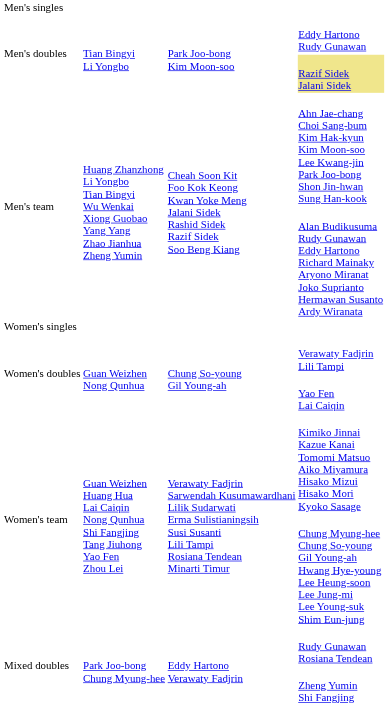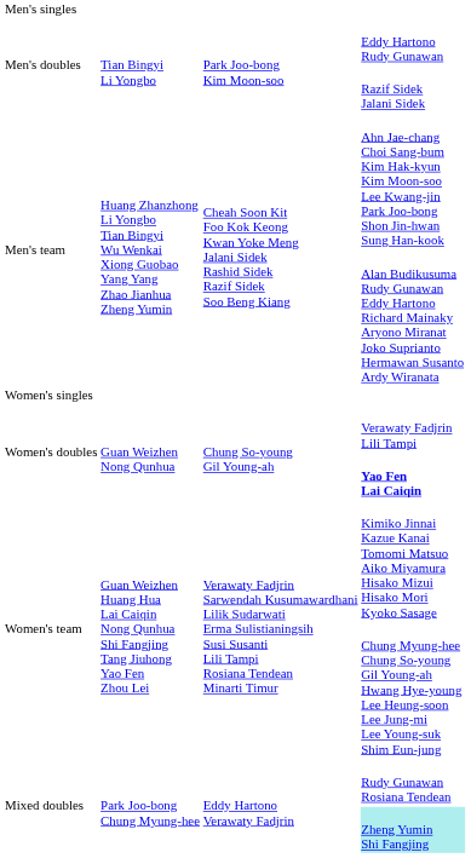 <table>
 <tr>
 <td rowspan=2>Men's singles<br></td>
 <td rowspan=2></td>
 <td rowspan=2></td>
 <td></td>
 </tr>
 <tr>
 <td></td>
 </tr>
 <tr>
 <td rowspan=2>Men's doubles<br></td>
 <td rowspan=2><br><a href='#'>Tian Bingyi</a><br><a href='#'>Li Yongbo</a></td>
 <td rowspan=2><br><a href='#'>Park Joo-bong</a><br><a href='#'>Kim Moon-soo</a></td>
 <td><br><a href='#'>Eddy Hartono</a><br><a href='#'>Rudy Gunawan</a></td>
 </tr>
 <tr>
-<td style="background: khaki;"><br><a href='#'>Razif Sidek</a><br><a href='#'>Jalani Sidek</a></td>
+<td><br><a href='#'>Razif Sidek</a><br><a href='#'>Jalani Sidek</a></td>
 </tr>
 <tr>
 <td rowspan=2>Men's team<br></td>
 <td rowspan=2><br><a href='#'>Huang Zhanzhong</a><br><a href='#'>Li Yongbo</a><br><a href='#'>Tian Bingyi</a><br><a href='#'>Wu Wenkai</a><br><a href='#'>Xiong Guobao</a><br><a href='#'>Yang Yang</a><br><a href='#'>Zhao Jianhua</a><br><a href='#'>Zheng Yumin</a></td>
 <td rowspan=2><br><a href='#'>Cheah Soon Kit</a><br><a href='#'>Foo Kok Keong</a><br><a href='#'>Kwan Yoke Meng</a><br><a href='#'>Jalani Sidek</a><br><a href='#'>Rashid Sidek</a><br><a href='#'>Razif Sidek</a><br><a href='#'>Soo Beng Kiang</a></td>
 <td><br><a href='#'>Ahn Jae-chang</a><br><a href='#'>Choi Sang-bum</a><br><a href='#'>Kim Hak-kyun</a><br><a href='#'>Kim Moon-soo</a><br><a href='#'>Lee Kwang-jin</a><br><a href='#'>Park Joo-bong</a><br><a href='#'>Shon Jin-hwan</a><br><a href='#'>Sung Han-kook</a></td>
 </tr>
 <tr>
 <td><br><a href='#'>Alan Budikusuma</a><br><a href='#'>Rudy Gunawan</a><br><a href='#'>Eddy Hartono</a><br><a href='#'>Richard Mainaky</a><br><a href='#'>Aryono Miranat</a><br><a href='#'>Joko Suprianto</a><br><a href='#'>Hermawan Susanto</a><br><a href='#'>Ardy Wiranata</a></td>
 </tr>
 <tr>
 <td rowspan=2>Women's singles<br></td>
 <td rowspan=2></td>
 <td rowspan=2></td>
 <td></td>
 </tr>
 <tr>
 <td></td>
 </tr>
 <tr>
 <td rowspan=2>Women's doubles<br></td>
 <td rowspan=2><br><a href='#'>Guan Weizhen</a><br><a href='#'>Nong Qunhua</a></td>
 <td rowspan=2><br><a href='#'>Chung So-young</a><br><a href='#'>Gil Young-ah</a></td>
 <td><br><a href='#'>Verawaty Fadjrin</a><br><a href='#'>Lili Tampi</a></td>
 </tr>
 <tr>
-<td><br><a href='#'>Yao Fen</a><br><a href='#'>Lai Caiqin</a></td>
+<td><strong><br><a href='#'>Yao Fen</a><br><a href='#'>Lai Caiqin</a></strong></td>
 </tr>
 <tr>
 <td rowspan=2>Women's team<br></td>
 <td rowspan=2><br><a href='#'>Guan Weizhen</a><br><a href='#'>Huang Hua</a><br><a href='#'>Lai Caiqin</a><br><a href='#'>Nong Qunhua</a><br><a href='#'>Shi Fangjing</a><br><a href='#'>Tang Jiuhong</a><br><a href='#'>Yao Fen</a><br><a href='#'>Zhou Lei</a></td>
 <td rowspan=2><br><a href='#'>Verawaty Fadjrin</a><br><a href='#'>Sarwendah Kusumawardhani</a><br><a href='#'>Lilik Sudarwati</a><br><a href='#'>Erma Sulistianingsih</a><br><a href='#'>Susi Susanti</a><br><a href='#'>Lili Tampi</a><br><a href='#'>Rosiana Tendean</a><br><a href='#'>Minarti Timur</a></td>
 <td><br><a href='#'>Kimiko Jinnai</a><br><a href='#'>Kazue Kanai</a><br><a href='#'>Tomomi Matsuo</a><br><a href='#'>Aiko Miyamura</a><br><a href='#'>Hisako Mizui</a><br><a href='#'>Hisako Mori</a><br><a href='#'>Kyoko Sasage</a></td>
 </tr>
 <tr>
 <td><br><a href='#'>Chung Myung-hee</a><br><a href='#'>Chung So-young</a><br><a href='#'>Gil Young-ah</a><br><a href='#'>Hwang Hye-young</a><br><a href='#'>Lee Heung-soon</a><br><a href='#'>Lee Jung-mi</a><br><a href='#'>Lee Young-suk</a><br><a href='#'>Shim Eun-jung</a></td>
 </tr>
 <tr>
 <td rowspan=2>Mixed doubles<br></td>
 <td rowspan=2><br><a href='#'>Park Joo-bong</a><br><a href='#'>Chung Myung-hee</a></td>
 <td rowspan=2><br><a href='#'>Eddy Hartono</a><br><a href='#'>Verawaty Fadjrin</a></td>
 <td><br><a href='#'>Rudy Gunawan</a><br><a href='#'>Rosiana Tendean</a></td>
 </tr>
 <tr>
-<td><br><a href='#'>Zheng Yumin</a><br><a href='#'>Shi Fangjing</a></td>
+<td style="background: paleturquoise;"><br><a href='#'>Zheng Yumin</a><br><a href='#'>Shi Fangjing</a></td>
 </tr>
 </table>
